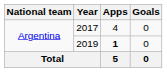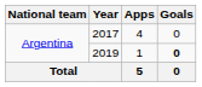 <table class=wikitable style=text-align:center>
 <tr>
 <th>National team</th>
 <th>Year</th>
 <th>Apps</th>
 <th>Goals</th>
 </tr>
 <tr>
 <td rowspan=2><a href='#'>Argentina</a></td>
 <td>2017</td>
 <td>4</td>
 <td>0</td>
 </tr>
 <tr>
 <td>2019</td>
-<td><strong>1</strong></td>
-<td>0</td>
+<td>1</td>
+<td><strong>0</strong></td>
 </tr>
 <tr>
 <th colspan=2>Total</th>
 <th>5</th>
 <th>0</th>
 </tr>
 </table>
